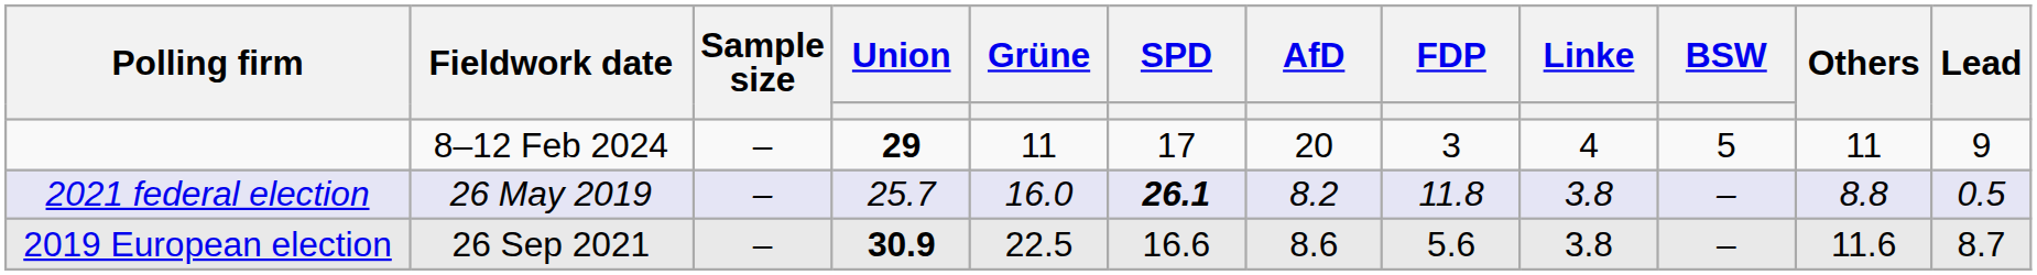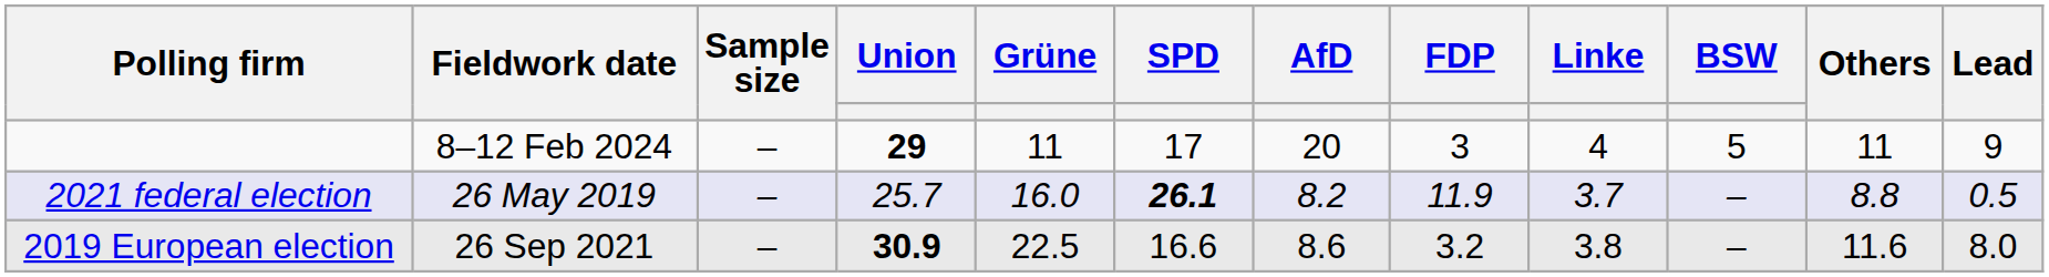 <table class="wikitable sortable" style="text-align:center;font-size:90%;line-height:14px;">
 <tr style="height:40px;">
 <th style="width:160px;" rowspan="2">Polling firm</th>
 <th style="width:110px;" rowspan="2">Fieldwork date</th>
 <th style="width:35px;" rowspan="2">Sample<br>size</th>
 <th class="unsortable" style="width:50px;"><a href='#'>Union</a><br></th>
 <th class="unsortable" style="width:50px;"><a href='#'>Grüne</a><br></th>
 <th class="unsortable" style="width:50px;"><a href='#'>SPD</a><br></th>
 <th class="unsortable" style="width:50px;"><a href='#'>AfD</a><br></th>
 <th class="unsortable" style="width:50px;"><a href='#'>FDP</a><br></th>
 <th class="unsortable" style="width:50px;"><a href='#'>Linke</a><br></th>
 <th class="unsortable" style="width:50px;"><a href='#'>BSW</a><br></th>
 <th class="unsortable" style="width:50px;" rowspan="2">Others</th>
 <th style="width:30px;" rowspan="2">Lead</th>
 </tr>
 <tr>
 <th style="background:"></th>
 <th style="background:"></th>
 <th style="background:"></th>
 <th style="background:"></th>
 <th style="background:"></th>
 <th style="background:"></th>
 <th style="background:"></th>
 </tr>
 <tr>
 <td></td>
 <td data-sort-value="2024-02-12">8–12 Feb 2024</td>
 <td>–</td>
 <td><strong>29</strong></td>
 <td>11</td>
 <td>17</td>
 <td>20</td>
 <td>3</td>
 <td>4</td>
 <td>5</td>
 <td>11</td>
 <td style="background:">9</td>
 </tr>
 <tr style="background:#E5E5F5;font-style:italic;">
 <td><a href='#'>2021 federal election</a></td>
 <td data-sort-value="2019-05-26">26 May 2019</td>
 <td>–</td>
 <td>25.7</td>
 <td>16.0</td>
 <td><strong>26.1</strong></td>
 <td>8.2</td>
-<td>11.8</td>
-<td>3.8</td>
+<td>11.9</td>
+<td>3.7</td>
 <td>–</td>
 <td>8.8</td>
 <td style="background:">0.5</td>
 </tr>
 <tr style="background:#E9E9E9;">
 <td><a href='#'>2019 European election</a></td>
 <td data-sort-value="2021-09-26">26 Sep 2021</td>
 <td>–</td>
 <td><strong>30.9</strong></td>
 <td>22.5</td>
 <td>16.6</td>
 <td>8.6</td>
-<td>5.6</td>
+<td>3.2</td>
 <td>3.8</td>
 <td>–</td>
 <td>11.6</td>
-<td style="background:">8.7</td>
+<td style="background:">8.0</td>
 </tr>
 </table>
